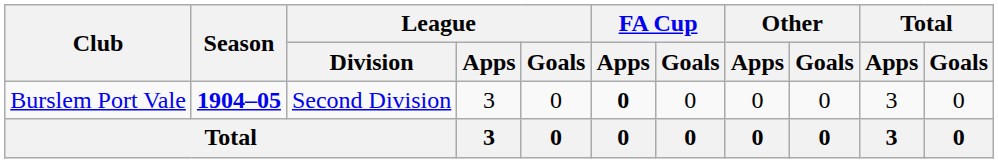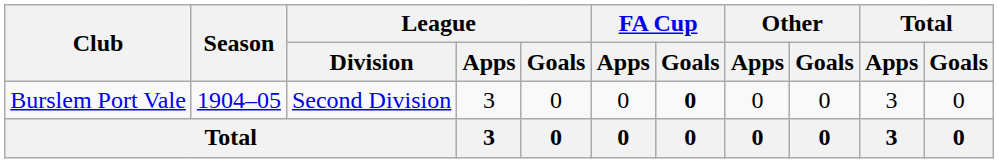 <table class="wikitable" style="text-align:center">
 <tr>
 <th rowspan="2">Club</th>
 <th rowspan="2">Season</th>
 <th colspan="3">League</th>
 <th colspan="2"><a href='#'>FA Cup</a></th>
 <th colspan="2">Other</th>
 <th colspan="2">Total</th>
 </tr>
 <tr>
 <th>Division</th>
 <th>Apps</th>
 <th>Goals</th>
 <th>Apps</th>
 <th>Goals</th>
 <th>Apps</th>
 <th>Goals</th>
 <th>Apps</th>
 <th>Goals</th>
 </tr>
 <tr>
 <td><a href='#'>Burslem Port Vale</a></td>
-<td><strong><a href='#'>1904–05</a></strong></td>
+<td><a href='#'>1904–05</a></td>
 <td><a href='#'>Second Division</a></td>
 <td>3</td>
 <td>0</td>
+<td>0</td>
 <td><strong>0</strong></td>
-<td>0</td>
 <td>0</td>
 <td>0</td>
 <td>3</td>
 <td>0</td>
 </tr>
 <tr>
 <th colspan="3">Total</th>
 <th>3</th>
 <th>0</th>
 <th>0</th>
 <th>0</th>
 <th>0</th>
 <th>0</th>
 <th>3</th>
 <th>0</th>
 </tr>
 </table>
